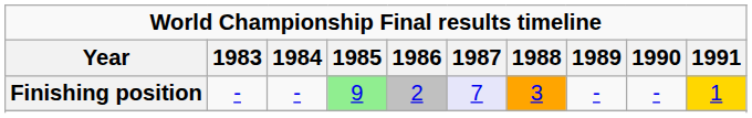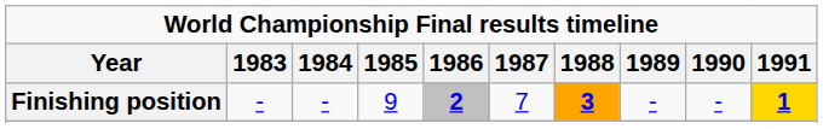 <table class="wikitable plainrowheaders">
 <tr>
 <td colspan="20" style="text-align:center;"><strong>World Championship Final results timeline</strong></td>
 </tr>
 <tr>
 <th scope="col">Year</th>
 <th scope="col">1983</th>
 <th scope="col">1984</th>
 <th scope="col">1985</th>
 <th scope="col">1986</th>
 <th scope="col">1987</th>
 <th scope="col">1988</th>
 <th scope="col">1989</th>
 <th scope="col">1990</th>
 <th scope="col">1991</th>
 </tr>
 <tr style="text-align:center;">
 <th scope="row">Finishing position</th>
 <td><a href='#'>-</a></td>
 <td><a href='#'>-</a></td>
-<td style="background: lightgreen;"><a href='#'>9</a></td>
-<td style="background:silver;"><a href='#'>2</a></td>
-<td style="background: lavender;"><a href='#'>7</a></td>
-<td style="background:orange;"><a href='#'>3</a></td>
+<td><a href='#'>9</a></td>
+<td style="background:silver;"><strong><a href='#'>2</a></strong></td>
+<td><a href='#'>7</a></td>
+<td style="background:orange;"><strong><a href='#'>3</a></strong></td>
 <td><a href='#'>-</a></td>
 <td><a href='#'>-</a></td>
-<td style="background:gold;"><a href='#'>1</a></td>
+<td style="background:gold;"><strong><a href='#'>1</a></strong></td>
 </tr>
 <tr>
 </tr>
 <tr style="text-align:center;">
 </tr>
 </table>
